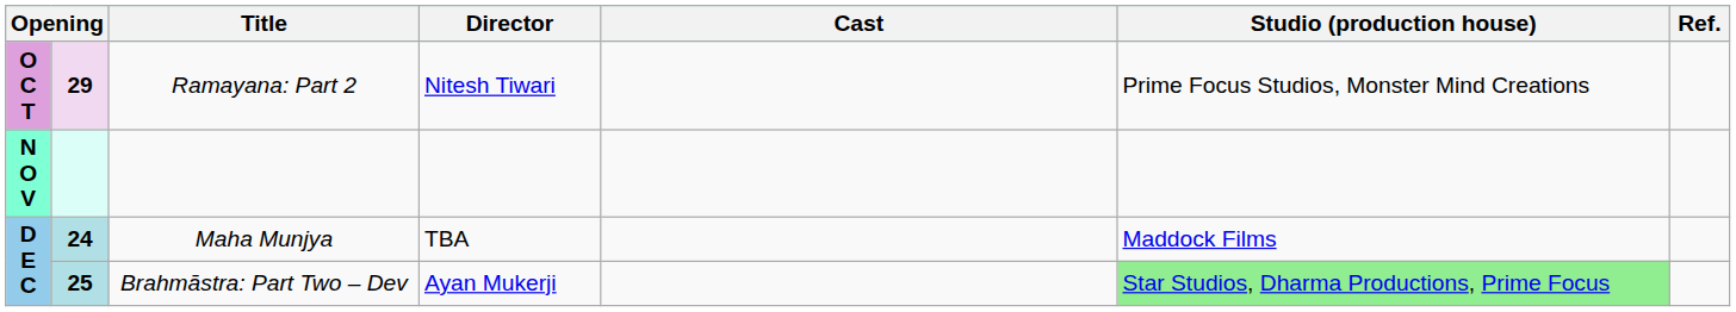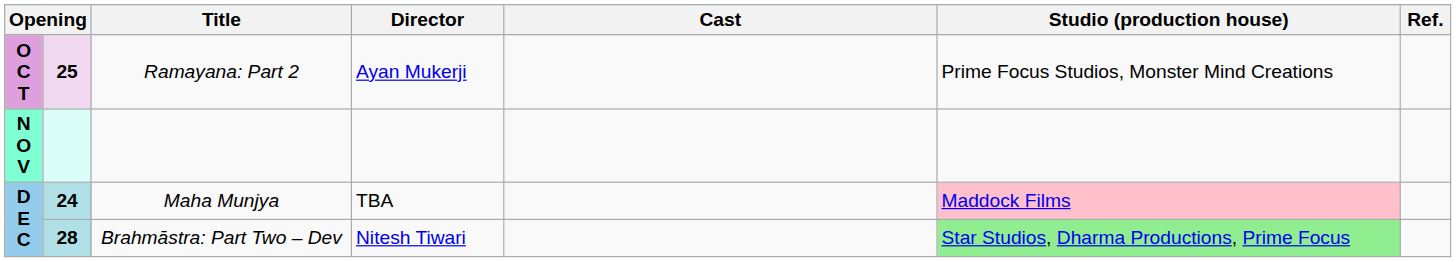 <table class="wikitable">
 <tr style="background:#b0e0e6; text-align:center;">
 <th colspan="2" style="width:6%;"><strong>Opening</strong></th>
 <th style="width:18%;"><strong>Title</strong></th>
 <th style="width:10.5%;"><strong>Director</strong></th>
 <th style="width:30%;"><strong>Cast</strong></th>
 <th>Studio (production house)</th>
 <th>Ref.</th>
 </tr>
 <tr>
 <td style="text-align:center; background:plum; textcolor:#000;"><strong>O<br>C<br>T</strong></td>
-<td style="text-align:center;background:#f1daf1;"><strong>29</strong></td>
+<td style="text-align:center;background:#f1daf1;"><strong>25</strong></td>
 <td style="text-align:center;"><em>Ramayana: Part 2</em></td>
-<td><a href='#'>Nitesh Tiwari</a></td>
+<td><a href='#'>Ayan Mukerji</a></td>
 <td></td>
 <td>Prime Focus Studios, Monster Mind Creations</td>
 <td></td>
 </tr>
 <tr>
 <td style="text-align:center; background:#7FFFD4; textcolor:#000;"><strong>N<br>O<br>V</strong></td>
 <td style="text-align:center; background:#dbfff8; textcolor:#000;"></td>
 <td style="text-align:center;"></td>
 <td></td>
 <td></td>
 <td></td>
 <td></td>
 </tr>
 <tr>
 <td rowspan="2" style="text-align:center; background:#93CCEA; textcolor:#000;"><strong>D<br>E<br>C</strong></td>
 <td style="text-align:center;background:#B0E0E6;"><strong>24</strong></td>
 <td style="text-align:center;"><em>Maha Munjya</em></td>
 <td>TBA</td>
 <td></td>
-<td><a href='#'>Maddock Films</a></td>
+<td style="background: pink;"><a href='#'>Maddock Films</a></td>
 <td></td>
 </tr>
 <tr>
-<td style="text-align:center;background:#B0E0E6;"><strong>25</strong></td>
+<td style="text-align:center;background:#B0E0E6;"><strong>28</strong></td>
 <td style="text-align:center;"><em>Brahmāstra: Part Two – Dev</em></td>
-<td><a href='#'>Ayan Mukerji</a></td>
+<td><a href='#'>Nitesh Tiwari</a></td>
 <td></td>
 <td style="background: lightgreen;"><a href='#'>Star Studios</a>, <a href='#'>Dharma Productions</a>, <a href='#'>Prime Focus</a></td>
 <td></td>
 </tr>
 </table>
